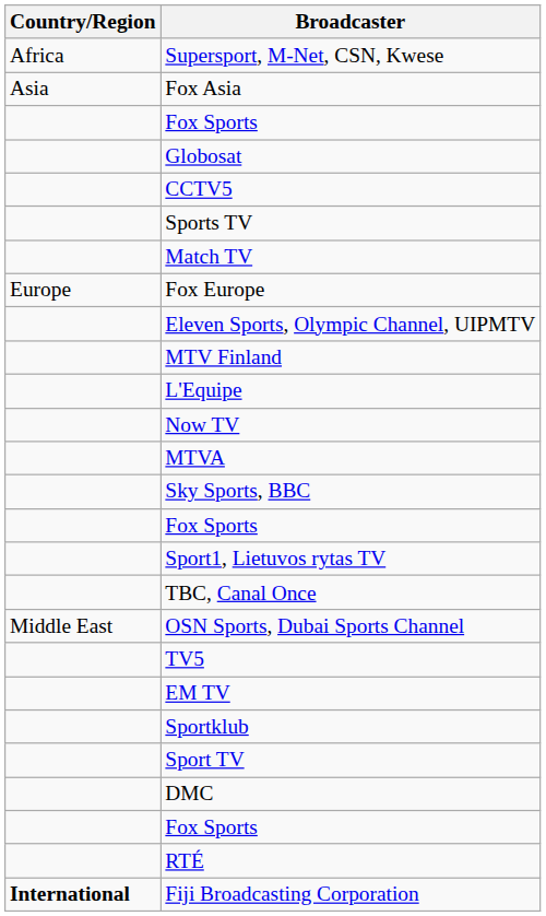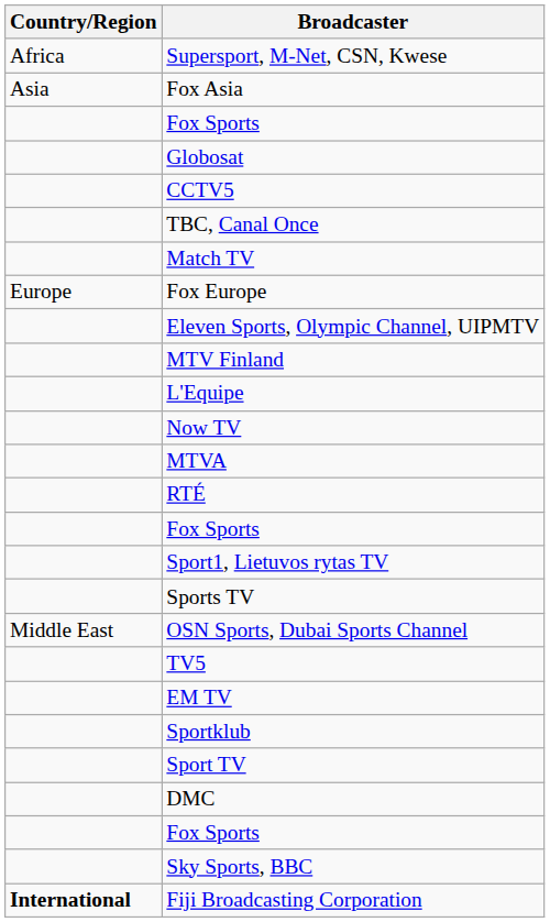 <table class="wikitable sortable">
 <tr>
 <th>Country/Region</th>
 <th>Broadcaster</th>
 </tr>
 <tr>
 <td>Africa</td>
 <td><a href='#'>Supersport</a>, <a href='#'>M-Net</a>, CSN, Kwese</td>
 </tr>
 <tr>
 <td>Asia</td>
 <td>Fox Asia</td>
 </tr>
 <tr>
 <td></td>
 <td><a href='#'>Fox Sports</a></td>
 </tr>
 <tr>
 <td></td>
 <td><a href='#'>Globosat</a></td>
 </tr>
 <tr>
 <td></td>
 <td><a href='#'>CCTV5</a></td>
 </tr>
 <tr>
 <td></td>
-<td>Sports TV</td>
+<td>TBC, <a href='#'>Canal Once</a></td>
 </tr>
 <tr>
 <td></td>
 <td><a href='#'>Match TV</a></td>
 </tr>
 <tr>
 <td>Europe</td>
 <td>Fox Europe</td>
 </tr>
 <tr>
 <td></td>
 <td><a href='#'>Eleven Sports</a>, <a href='#'>Olympic Channel</a>, UIPMTV</td>
 </tr>
 <tr>
 <td></td>
 <td><a href='#'>MTV Finland</a></td>
 </tr>
 <tr>
 <td></td>
 <td><a href='#'>L'Equipe</a></td>
 </tr>
 <tr>
 <td></td>
 <td><a href='#'>Now TV</a></td>
 </tr>
 <tr>
 <td></td>
 <td><a href='#'>MTVA</a></td>
 </tr>
 <tr>
 <td></td>
-<td><a href='#'>Sky Sports</a>, <a href='#'>BBC</a></td>
+<td><a href='#'>RTÉ</a></td>
 </tr>
 <tr>
 <td></td>
 <td><a href='#'>Fox Sports</a></td>
 </tr>
 <tr>
 <td></td>
 <td><a href='#'>Sport1</a>, <a href='#'>Lietuvos rytas TV</a></td>
 </tr>
 <tr>
 <td></td>
-<td>TBC, <a href='#'>Canal Once</a></td>
+<td>Sports TV</td>
 </tr>
 <tr>
 <td>Middle East</td>
 <td><a href='#'>OSN Sports</a>, <a href='#'>Dubai Sports Channel</a></td>
 </tr>
 <tr>
 <td></td>
 <td><a href='#'>TV5</a></td>
 </tr>
 <tr>
 <td></td>
 <td><a href='#'>EM TV</a></td>
 </tr>
 <tr>
 <td></td>
 <td><a href='#'>Sportklub</a></td>
 </tr>
 <tr>
 <td></td>
 <td><a href='#'>Sport TV</a></td>
 </tr>
 <tr>
 <td></td>
 <td>DMC</td>
 </tr>
 <tr>
 <td></td>
 <td><a href='#'>Fox Sports</a></td>
 </tr>
 <tr>
 <td></td>
-<td><a href='#'>RTÉ</a></td>
+<td><a href='#'>Sky Sports</a>, <a href='#'>BBC</a></td>
 </tr>
 <tr>
 <td><strong>International</strong></td>
 <td><a href='#'>Fiji Broadcasting Corporation</a></td>
 </tr>
 </table>
